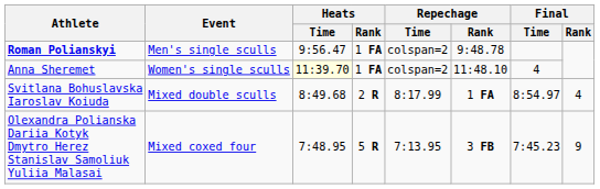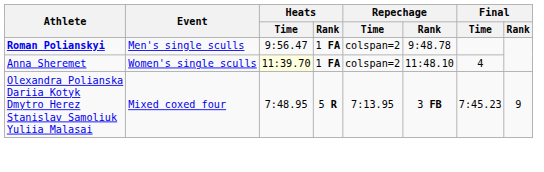 <table class="wikitable" style="font-size:90%">
 <tr>
 <th rowspan=2>Athlete</th>
 <th rowspan=2>Event</th>
 <th colspan=2>Heats</th>
 <th colspan=2>Repechage</th>
 <th colspan=2>Final</th>
 </tr>
 <tr style="font-size:95%">
 <th>Time</th>
 <th>Rank</th>
 <th>Time</th>
 <th>Rank</th>
 <th>Time</th>
 <th>Rank</th>
 </tr>
 <tr align=center>
 <td align=left><strong><a href='#'>Roman Polianskyi</a></strong></td>
 <td align=left><a href='#'>Men's single sculls</a></td>
 <td>9:56.47</td>
 <td>1 <strong>FA</strong></td>
 <td>colspan=2 </td>
 <td>9:48.78</td>
 <td></td>
 </tr>
 <tr align=center>
 <td align=left><a href='#'>Anna Sheremet</a></td>
 <td align=left><a href='#'>Women's single sculls</a></td>
 <td style="background: lightyellow;">11:39.70</td>
 <td>1 <strong>FA</strong></td>
 <td>colspan=2 </td>
 <td>11:48.10</td>
 <td>4</td>
 </tr>
 <tr align=center>
-<td align=left><a href='#'>Svitlana Bohuslavska</a><br><a href='#'>Iaroslav Koiuda</a></td>
-<td align=left><a href='#'>Mixed double sculls</a></td>
-<td>8:49.68</td>
-<td>2 <strong>R</strong></td>
-<td>8:17.99</td>
-<td>1 <strong>FA</strong></td>
-<td>8:54.97</td>
-<td>4</td>
-</tr>
-<tr align=center>
 <td align=left><a href='#'>Olexandra Polianska</a><br><a href='#'>Dariia Kotyk</a><br><a href='#'>Dmytro Herez</a><br><a href='#'>Stanislav Samoliuk</a><br><a href='#'>Yuliia Malasai</a></td>
 <td align=left><a href='#'>Mixed coxed four</a></td>
 <td>7:48.95</td>
 <td>5 <strong>R</strong></td>
 <td>7:13.95</td>
 <td>3 <strong>FB</strong></td>
 <td>7:45.23</td>
 <td>9</td>
 </tr>
 </table>
